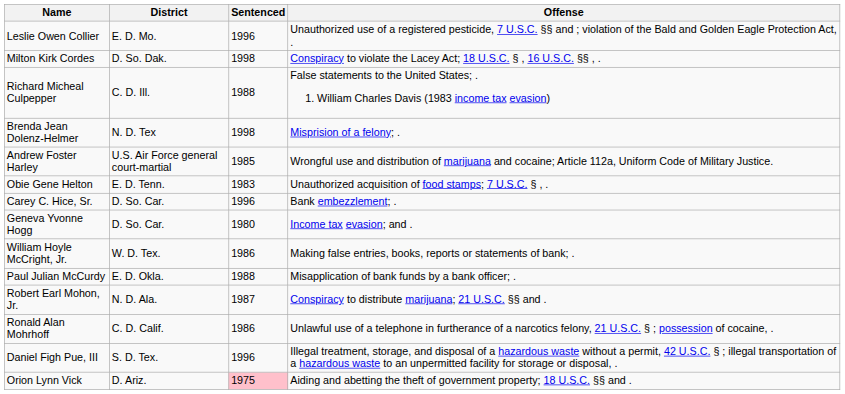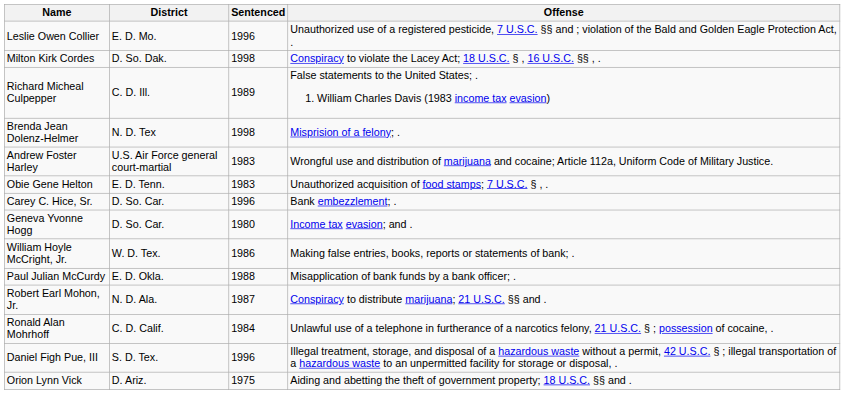 <table class="wikitable">
 <tr>
 <th>Name</th>
 <th>District</th>
 <th>Sentenced</th>
 <th>Offense</th>
 </tr>
 <tr>
 <td>Leslie Owen Collier</td>
 <td>E. D. Mo.</td>
 <td>1996</td>
 <td>Unauthorized use of a registered pesticide, <a href='#'>7 U.S.C.</a> §§  and ; violation of the Bald and Golden Eagle Protection Act, .</td>
 </tr>
 <tr>
 <td>Milton Kirk Cordes</td>
 <td>D. So. Dak.</td>
 <td>1998</td>
 <td><a href='#'>Conspiracy</a> to violate the Lacey Act; <a href='#'>18 U.S.C.</a> § , <a href='#'>16 U.S.C.</a> §§ , .</td>
 </tr>
 <tr>
 <td>Richard Micheal Culpepper</td>
 <td>C. D. Ill.</td>
-<td>1988</td>
+<td>1989</td>
 <td>False statements to the United States; .<br><ol><li>William Charles Davis (1983 <a href='#'>income tax</a> <a href='#'>evasion</a>)</li></ol></td>
 </tr>
 <tr>
 <td>Brenda Jean Dolenz-Helmer</td>
 <td>N. D. Tex</td>
 <td>1998</td>
 <td><a href='#'>Misprision of a felony</a>; .</td>
 </tr>
 <tr>
 <td>Andrew Foster Harley</td>
 <td>U.S. Air Force general court-martial</td>
-<td>1985</td>
+<td>1983</td>
 <td>Wrongful use and distribution of <a href='#'>marijuana</a> and cocaine; Article 112a, Uniform Code of Military Justice.</td>
 </tr>
 <tr>
 <td>Obie Gene Helton</td>
 <td>E. D. Tenn.</td>
 <td>1983</td>
 <td>Unauthorized acquisition of <a href='#'>food stamps</a>; <a href='#'>7 U.S.C.</a> § , .</td>
 </tr>
 <tr>
 <td>Carey C. Hice, Sr.</td>
 <td>D. So. Car.</td>
 <td>1996</td>
 <td>Bank <a href='#'>embezzlement</a>; .</td>
 </tr>
 <tr>
 <td>Geneva Yvonne Hogg</td>
 <td>D. So. Car.</td>
 <td>1980</td>
 <td><a href='#'>Income tax</a> <a href='#'>evasion</a>;  and .</td>
 </tr>
 <tr>
 <td>William Hoyle McCright, Jr.</td>
 <td>W. D. Tex.</td>
 <td>1986</td>
 <td>Making false entries, books, reports or statements of bank; .</td>
 </tr>
 <tr>
 <td>Paul Julian McCurdy</td>
 <td>E. D. Okla.</td>
 <td>1988</td>
 <td>Misapplication of bank funds by a bank officer; .</td>
 </tr>
 <tr>
 <td>Robert Earl Mohon, Jr.</td>
 <td>N. D. Ala.</td>
 <td>1987</td>
 <td><a href='#'>Conspiracy</a> to distribute <a href='#'>marijuana</a>; <a href='#'>21 U.S.C.</a> §§  and .</td>
 </tr>
 <tr>
 <td>Ronald Alan Mohrhoff</td>
 <td>C. D. Calif.</td>
-<td>1986</td>
+<td>1984</td>
 <td>Unlawful use of a telephone in furtherance of a narcotics felony, <a href='#'>21 U.S.C.</a> § ; <a href='#'>possession</a> of cocaine, .</td>
 </tr>
 <tr>
 <td>Daniel Figh Pue, III</td>
 <td>S. D. Tex.</td>
 <td>1996</td>
 <td>Illegal treatment, storage, and disposal of a <a href='#'>hazardous waste</a> without a permit, <a href='#'>42 U.S.C.</a> § ; illegal transportation of a <a href='#'>hazardous waste</a> to an unpermitted facility for storage or disposal, .</td>
 </tr>
 <tr>
 <td>Orion Lynn Vick</td>
 <td>D. Ariz.</td>
-<td style="background: pink;">1975</td>
+<td>1975</td>
 <td>Aiding and abetting the theft of government property; <a href='#'>18 U.S.C.</a> §§  and .</td>
 </tr>
 </table>
